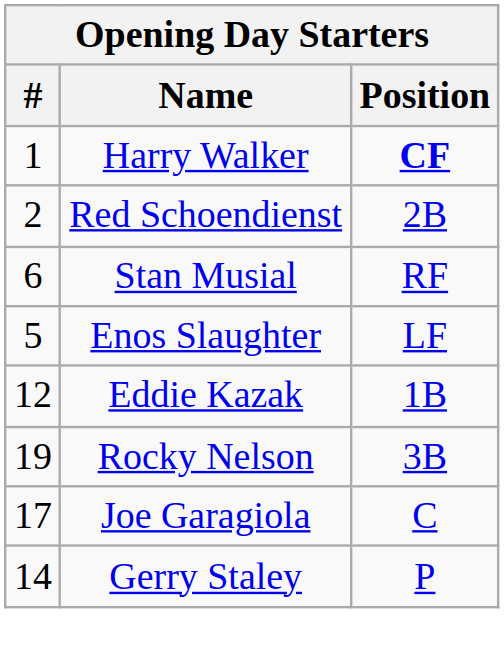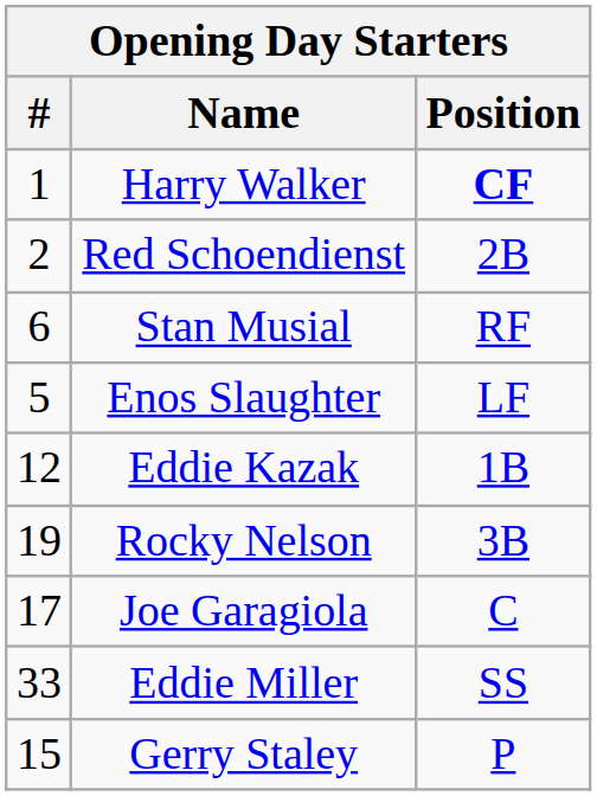 <table class="wikitable" style="text-align:center">
 <tr>
 <th colspan="3">Opening Day Starters</th>
 </tr>
 <tr>
 <th>#</th>
 <th>Name</th>
 <th>Position</th>
 </tr>
 <tr>
 <td>1</td>
 <td><a href='#'>Harry Walker</a></td>
 <td><strong><a href='#'>CF</a></strong></td>
 </tr>
 <tr>
 <td>2</td>
 <td><a href='#'>Red Schoendienst</a></td>
 <td><a href='#'>2B</a></td>
 </tr>
 <tr>
 <td>6</td>
 <td><a href='#'>Stan Musial</a></td>
 <td><a href='#'>RF</a></td>
 </tr>
 <tr>
 <td>5</td>
 <td><a href='#'>Enos Slaughter</a></td>
 <td><a href='#'>LF</a></td>
 </tr>
 <tr>
 <td>12</td>
 <td><a href='#'>Eddie Kazak</a></td>
 <td><a href='#'>1B</a></td>
 </tr>
 <tr>
 <td>19</td>
 <td><a href='#'>Rocky Nelson</a></td>
 <td><a href='#'>3B</a></td>
 </tr>
 <tr>
 <td>17</td>
 <td><a href='#'>Joe Garagiola</a></td>
 <td><a href='#'>C</a></td>
 </tr>
 <tr>
-<td>14</td>
+<td>33</td>
+<td><a href='#'>Eddie Miller</a></td>
+<td><a href='#'>SS</a></td>
+</tr>
+<tr>
+<td>15</td>
 <td><a href='#'>Gerry Staley</a></td>
 <td><a href='#'>P</a></td>
 </tr>
 </table>
